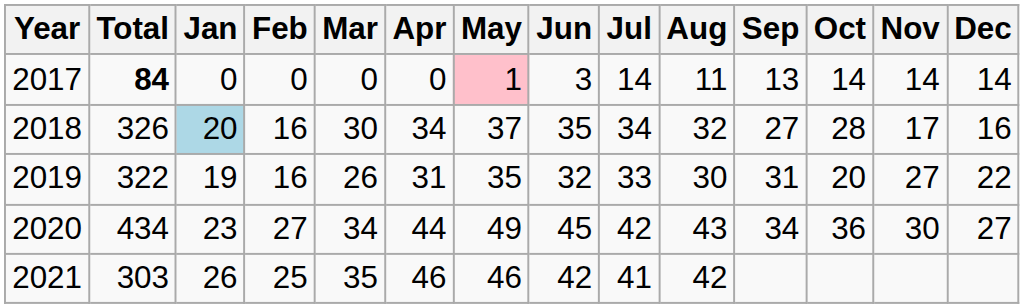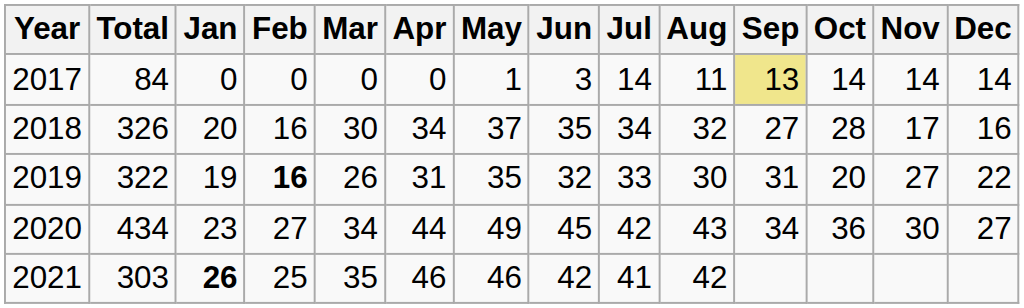 <table class="wikitable" style="text-align:right;">
 <tr>
 <th>Year</th>
 <th>Total</th>
 <th>Jan</th>
 <th>Feb</th>
 <th>Mar</th>
 <th>Apr</th>
 <th>May</th>
 <th>Jun</th>
 <th>Jul</th>
 <th>Aug</th>
 <th>Sep</th>
 <th>Oct</th>
 <th>Nov</th>
 <th>Dec</th>
 </tr>
 <tr align=right>
 <td>2017</td>
-<td><strong>84</strong></td>
+<td>84</td>
 <td>0</td>
 <td>0</td>
 <td>0</td>
 <td>0</td>
-<td style="background: pink;">1</td>
+<td>1</td>
 <td>3</td>
 <td>14</td>
 <td>11</td>
-<td>13</td>
+<td style="background: khaki;">13</td>
 <td>14</td>
 <td>14</td>
 <td>14</td>
 </tr>
 <tr align=right>
 <td>2018</td>
 <td>326</td>
-<td style="background: lightblue;">20</td>
+<td>20</td>
 <td>16</td>
 <td>30</td>
 <td>34</td>
 <td>37</td>
 <td>35</td>
 <td>34</td>
 <td>32</td>
 <td>27</td>
 <td>28</td>
 <td>17</td>
 <td>16</td>
 </tr>
 <tr align=right>
 <td>2019</td>
 <td>322</td>
 <td>19</td>
-<td>16</td>
+<td><strong>16</strong></td>
 <td>26</td>
 <td>31</td>
 <td>35</td>
 <td>32</td>
 <td>33</td>
 <td>30</td>
 <td>31</td>
 <td>20</td>
 <td>27</td>
 <td>22</td>
 </tr>
 <tr align=right>
 <td>2020</td>
 <td>434</td>
 <td>23</td>
 <td>27</td>
 <td>34</td>
 <td>44</td>
 <td>49</td>
 <td>45</td>
 <td>42</td>
 <td>43</td>
 <td>34</td>
 <td>36</td>
 <td>30</td>
 <td>27</td>
 </tr>
 <tr align=right>
 <td>2021</td>
 <td>303</td>
-<td>26</td>
+<td><strong>26</strong></td>
 <td>25</td>
 <td>35</td>
 <td>46</td>
 <td>46</td>
 <td>42</td>
 <td>41</td>
 <td>42</td>
 <td></td>
 <td></td>
 <td></td>
 </tr>
 </table>
